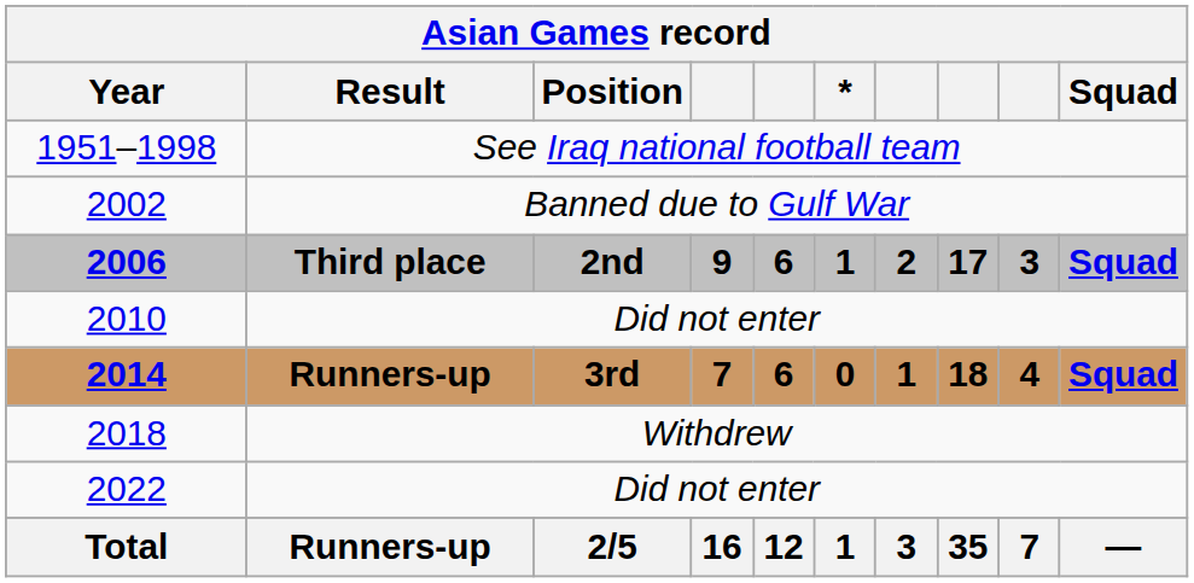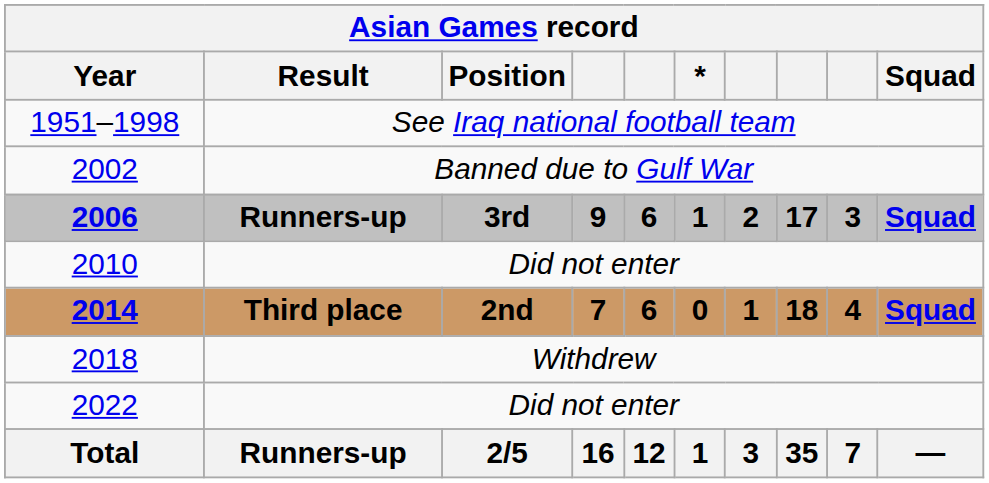 <table class="wikitable" style="text-align: center;">
 <tr>
 <th colspan=10><a href='#'>Asian Games</a> record</th>
 </tr>
 <tr>
 <th width="100">Year</th>
 <th width="120">Result</th>
 <th width="50">Position</th>
 <th width="20"></th>
 <th width="20"></th>
 <th width="20">*</th>
 <th width="20"></th>
 <th width="20"></th>
 <th width="20"></th>
 <th>Squad</th>
 </tr>
 <tr>
 <td><a href='#'>1951</a>–<a href='#'>1998</a></td>
 <td colspan="9"><em>See <a href='#'>Iraq national football team</a></em></td>
 </tr>
 <tr>
 <td> <a href='#'>2002</a></td>
 <td colspan="9"><em>Banned due to <a href='#'>Gulf War</a></em></td>
 </tr>
 <tr style="background:silver;">
 <td> <strong><a href='#'>2006</a></strong></td>
-<td><strong>Third place</strong></td>
-<td><strong>2nd</strong></td>
+<td><strong>Runners-up</strong></td>
+<td><strong>3rd</strong></td>
 <td><strong>9</strong></td>
 <td><strong>6</strong></td>
 <td><strong>1</strong></td>
 <td><strong>2</strong></td>
 <td><strong>17</strong></td>
 <td><strong>3</strong></td>
 <td><strong><a href='#'>Squad</a></strong></td>
 </tr>
 <tr>
 <td> <a href='#'>2010</a></td>
 <td colspan="9"><em>Did not enter</em></td>
 </tr>
 <tr style="background:#cc9966;">
 <td> <strong><a href='#'>2014</a></strong></td>
-<td><strong>Runners-up</strong></td>
-<td><strong>3rd</strong></td>
+<td><strong>Third place</strong></td>
+<td><strong>2nd</strong></td>
 <td><strong>7</strong></td>
 <td><strong>6</strong></td>
 <td><strong>0</strong></td>
 <td><strong>1</strong></td>
 <td><strong>18</strong></td>
 <td><strong>4</strong></td>
 <td><strong><a href='#'>Squad</a></strong></td>
 </tr>
 <tr>
 <td> <a href='#'>2018</a></td>
 <td colspan="9"><em>Withdrew</em></td>
 </tr>
 <tr>
 <td> <a href='#'>2022</a></td>
 <td colspan="9"><em>Did not enter</em></td>
 </tr>
 <tr>
 <th>Total</th>
 <th>Runners-up</th>
 <th>2/5</th>
 <th>16</th>
 <th>12</th>
 <th>1</th>
 <th>3</th>
 <th>35</th>
 <th>7</th>
 <th>—</th>
 </tr>
 </table>
